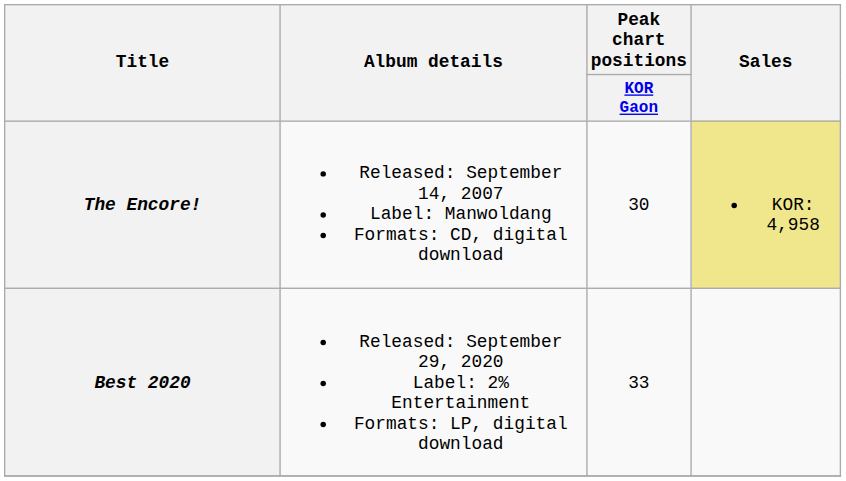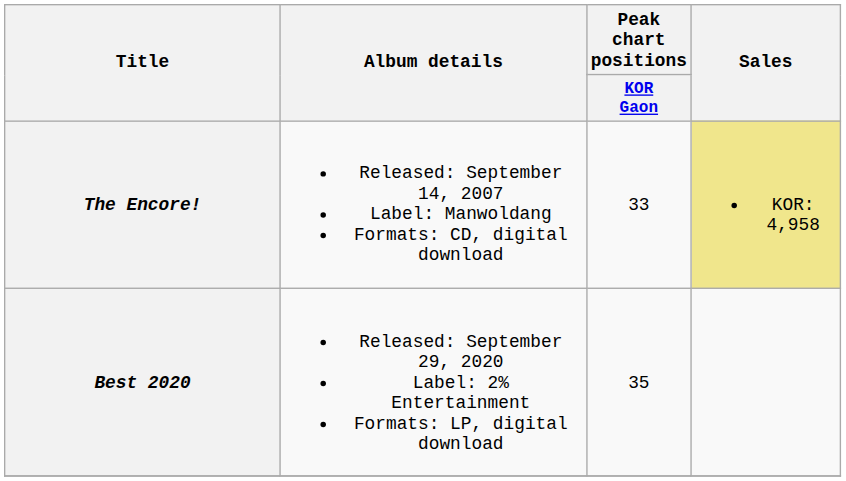 <table class="wikitable plainrowheaders" style="text-align:center;">
 <tr>
 <th rowspan="2" style="width:15em;">Title</th>
 <th rowspan="2">Album details</th>
 <th>Peak chart positions</th>
 <th rowspan="2">Sales</th>
 </tr>
 <tr>
 <th scope="col" style="width:3em;font-size:90%;"><a href='#'>KOR<br>Gaon</a><br></th>
 </tr>
 <tr>
 <th scope="row"><em>The Encore!</em></th>
 <td><br><ul><li>Released: September 14, 2007</li><li>Label: Manwoldang</li><li>Formats: CD, digital download</li></ul></td>
-<td>30</td>
+<td>33</td>
 <td style="background: khaki;"><br><ul><li>KOR: 4,958</li></ul></td>
 </tr>
 <tr>
 <th scope="row"><em>Best 2020</em></th>
 <td><br><ul><li>Released: September 29, 2020</li><li>Label: 2% Entertainment</li><li>Formats: LP, digital download</li></ul></td>
-<td>33</td>
+<td>35</td>
 <td></td>
 </tr>
 <tr>
 </tr>
 </table>
